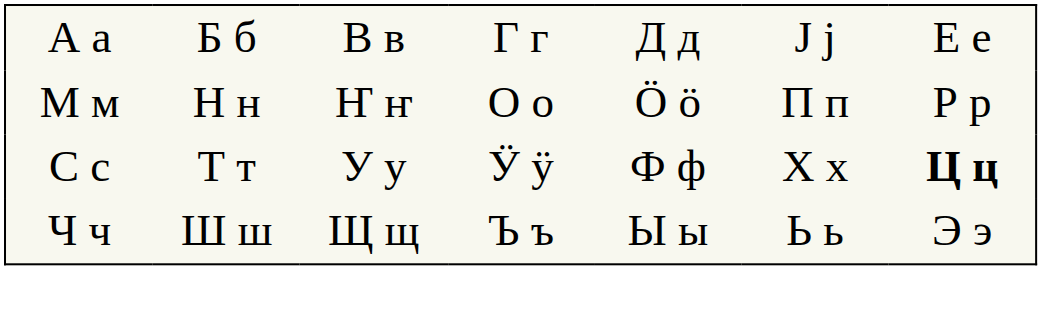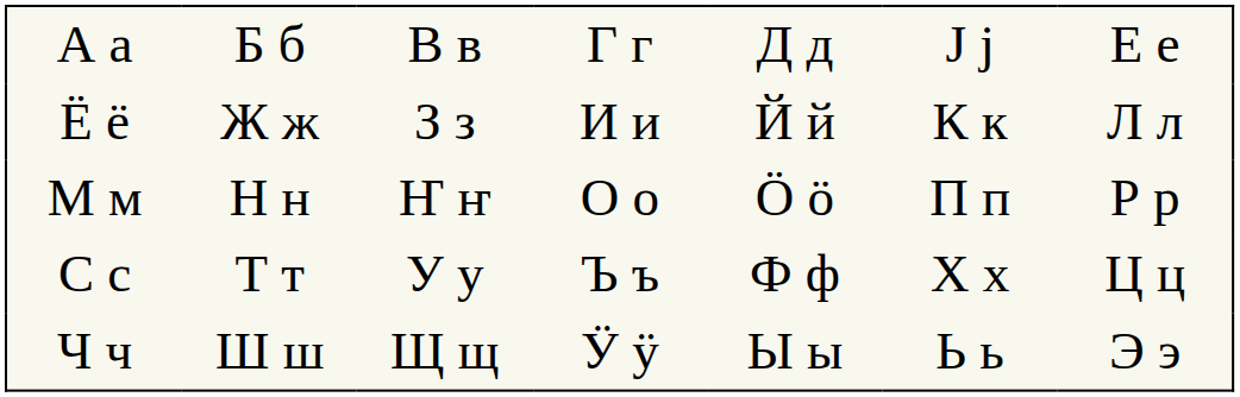 <table style="font-family:Arial Unicode MS; font-size:1.4em; border-color:#000000; border-width:1px; border-style:solid; border-collapse:collapse; background-color:#F8F8EF">
 <tr>
 <td style="width:3em; text-align:center; padding: 3px;">А а</td>
 <td style="width:3em; text-align:center; padding: 3px;">Б б</td>
 <td style="width:3em; text-align:center; padding: 3px;">В в</td>
 <td style="width:3em; text-align:center; padding: 3px;">Г г</td>
 <td style="width:3em; text-align:center; padding: 3px;">Д д</td>
 <td style="width:3em; text-align:center; padding: 3px;">Ј ј</td>
 <td style="width:3em; text-align:center; padding: 3px;">Е е</td>
+</tr>
+<tr>
+<td style="width:3em; text-align:center; padding: 3px;">Ё ё</td>
+<td style="width:3em; text-align:center; padding: 3px;">Ж ж</td>
+<td style="width:3em; text-align:center; padding: 3px;">З з</td>
+<td style="width:3em; text-align:center; padding: 3px;">И и</td>
+<td style="width:3em; text-align:center; padding: 3px;">Й й</td>
+<td style="width:3em; text-align:center; padding: 3px;">К к</td>
+<td style="width:3em; text-align:center; padding: 3px;">Л л</td>
 </tr>
 <tr>
 <td style="width:3em; text-align:center; padding: 3px;">М м</td>
 <td style="width:3em; text-align:center; padding: 3px;">Н н</td>
 <td style="width:3em; text-align:center; padding: 3px;">Ҥ ҥ</td>
 <td style="width:3em; text-align:center; padding: 3px;">О о</td>
 <td style="width:3em; text-align:center; padding: 3px;">Ӧ ӧ</td>
 <td style="width:3em; text-align:center; padding: 3px;">П п</td>
 <td style="width:3em; text-align:center; padding: 3px;">Р р</td>
 </tr>
 <tr>
 <td style="width:3em; text-align:center; padding: 3px;">С с</td>
 <td style="width:3em; text-align:center; padding: 3px;">Т т</td>
 <td style="width:3em; text-align:center; padding: 3px;">У у</td>
-<td style="width:3em; text-align:center; padding: 3px;">Ӱ ӱ</td>
+<td style="width:3em; text-align:center; padding: 3px;">Ъ ъ</td>
 <td style="width:3em; text-align:center; padding: 3px;">Ф ф</td>
 <td style="width:3em; text-align:center; padding: 3px;">Х х</td>
-<td style="width:3em; text-align:center; padding: 3px;"><strong>Ц ц</strong></td>
+<td style="width:3em; text-align:center; padding: 3px;">Ц ц</td>
 </tr>
 <tr>
 <td style="width:3em; text-align:center; padding: 3px;">Ч ч</td>
 <td style="width:3em; text-align:center; padding: 3px;">Ш ш</td>
 <td style="width:3em; text-align:center; padding: 3px;">Щ щ</td>
-<td style="width:3em; text-align:center; padding: 3px;">Ъ ъ</td>
+<td style="width:3em; text-align:center; padding: 3px;">Ӱ ӱ</td>
 <td style="width:3em; text-align:center; padding: 3px;">Ы ы</td>
 <td style="width:3em; text-align:center; padding: 3px;">Ь ь</td>
 <td style="width:3em; text-align:center; padding: 3px;">Э э</td>
 </tr>
 </table>
